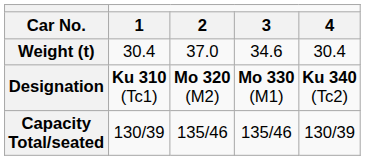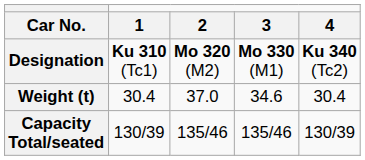 <table class="wikitable" style="text-align: center">
 <tr style="border-bottom: 4px solid #">
 <th></th>
 <td colspan="4"> </td>
 </tr>
 <tr>
 <th>Car No.</th>
 <th>1</th>
 <th>2</th>
 <th>3</th>
 <th>4</th>
 </tr>
 <tr>
+<th>Designation</th>
+<td><strong>Ku 310</strong><br>(Tc1)</td>
+<td><strong>Mo 320</strong><br>(M2)</td>
+<td><strong>Mo 330</strong><br>(M1)</td>
+<td><strong>Ku 340</strong><br>(Tc2)</td>
+</tr>
+<tr>
 <th>Weight (t)</th>
 <td>30.4</td>
 <td>37.0</td>
 <td>34.6</td>
 <td>30.4</td>
-</tr>
-<tr>
-<th>Designation</th>
-<td><strong>Ku 310</strong><br>(Tc1)</td>
-<td><strong>Mo 320</strong><br>(M2)</td>
-<td><strong>Mo 330</strong><br>(M1)</td>
-<td><strong>Ku 340</strong><br>(Tc2)</td>
 </tr>
 <tr>
 <th>Capacity<br>Total/seated</th>
 <td>130/39</td>
 <td>135/46</td>
 <td>135/46</td>
 <td>130/39</td>
 </tr>
 </table>
